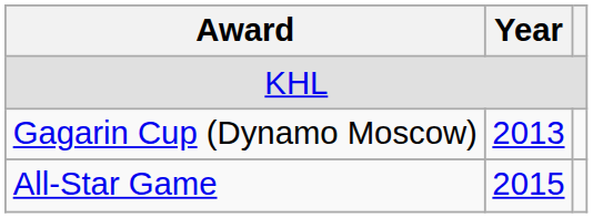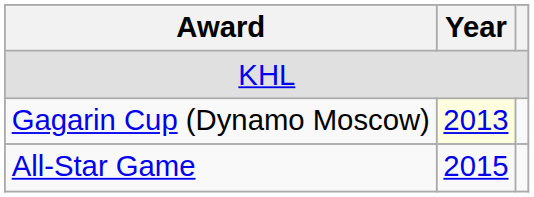 <table class="wikitable">
 <tr>
 <th>Award</th>
 <th>Year</th>
 <th></th>
 </tr>
 <tr ALIGN="center" bgcolor="#e0e0e0">
 <td colspan="3"><a href='#'>KHL</a></td>
 </tr>
 <tr>
 <td><a href='#'>Gagarin Cup</a> (Dynamo Moscow)</td>
-<td><a href='#'>2013</a></td>
+<td style="background: lightyellow;"><a href='#'>2013</a></td>
 <td></td>
 </tr>
 <tr>
 <td><a href='#'>All-Star Game</a></td>
 <td><a href='#'>2015</a></td>
 <td></td>
 </tr>
 </table>
